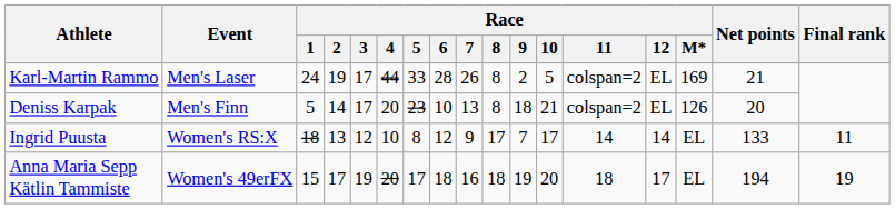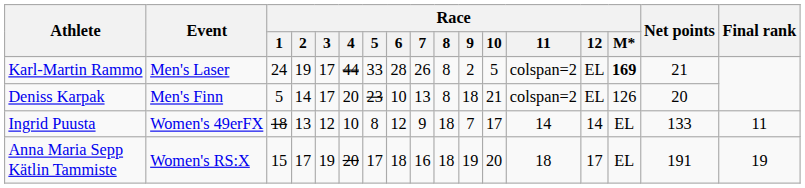 <table class="wikitable" style="font-size:90%">
 <tr>
 <th rowspan="2">Athlete</th>
 <th rowspan="2">Event</th>
 <th colspan=13>Race</th>
 <th rowspan=2>Net points</th>
 <th rowspan=2>Final rank</th>
 </tr>
 <tr style="font-size:95%">
 <th>1</th>
 <th>2</th>
 <th>3</th>
 <th>4</th>
 <th>5</th>
 <th>6</th>
 <th>7</th>
 <th>8</th>
 <th>9</th>
 <th>10</th>
 <th>11</th>
 <th>12</th>
 <th>M*</th>
 </tr>
 <tr align=center>
 <td align=left><a href='#'>Karl-Martin Rammo</a></td>
 <td align=left><a href='#'>Men's Laser</a></td>
 <td>24</td>
 <td>19</td>
 <td>17</td>
 <td><s>44</s></td>
 <td>33</td>
 <td>28</td>
 <td>26</td>
 <td>8</td>
 <td>2</td>
 <td>5</td>
 <td>colspan=2 </td>
 <td>EL</td>
-<td>169</td>
+<td><strong>169</strong></td>
 <td>21</td>
 </tr>
 <tr align=center>
 <td align=left><a href='#'>Deniss Karpak</a></td>
 <td align=left><a href='#'>Men's Finn</a></td>
 <td>5</td>
 <td>14</td>
 <td>17</td>
 <td>20</td>
 <td><s>23</s></td>
 <td>10</td>
 <td>13</td>
 <td>8</td>
 <td>18</td>
 <td>21</td>
 <td>colspan=2 </td>
 <td>EL</td>
 <td>126</td>
 <td>20</td>
 </tr>
 <tr align=center>
 <td align=left><a href='#'>Ingrid Puusta</a></td>
-<td align=left><a href='#'>Women's RS:X</a></td>
+<td align=left><a href='#'>Women's 49erFX</a></td>
 <td><s>18</s></td>
 <td>13</td>
 <td>12</td>
 <td>10</td>
 <td>8</td>
 <td>12</td>
 <td>9</td>
-<td>17</td>
+<td>18</td>
 <td>7</td>
 <td>17</td>
 <td>14</td>
 <td>14</td>
 <td>EL</td>
 <td>133</td>
 <td>11</td>
 </tr>
 <tr align=center>
 <td align=left><a href='#'>Anna Maria Sepp</a><br><a href='#'>Kätlin Tammiste</a></td>
-<td align=left><a href='#'>Women's 49erFX</a></td>
+<td align=left><a href='#'>Women's RS:X</a></td>
 <td>15</td>
 <td>17</td>
 <td>19</td>
 <td><s>20</s></td>
 <td>17</td>
 <td>18</td>
 <td>16</td>
 <td>18</td>
 <td>19</td>
 <td>20</td>
 <td>18</td>
 <td>17</td>
 <td>EL</td>
-<td>194</td>
+<td>191</td>
 <td>19</td>
 </tr>
 </table>
